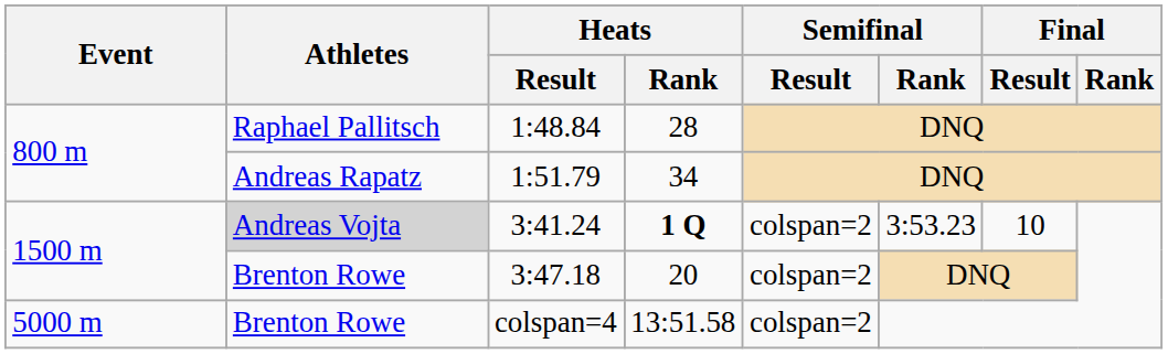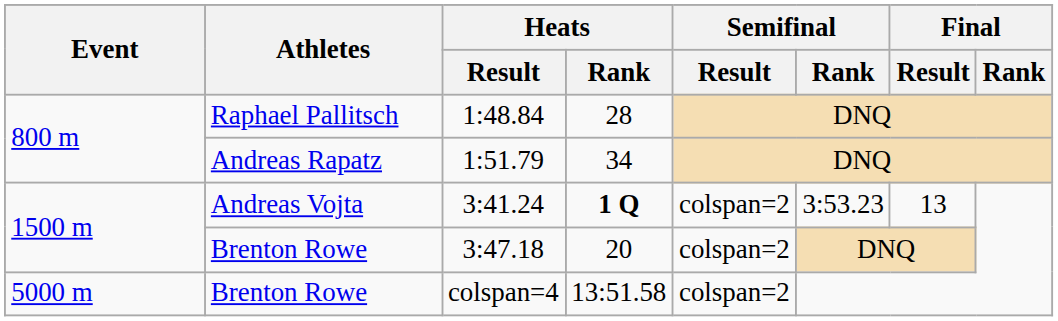 <table class="wikitable" border="1" style="font-size:90%">
 <tr>
 <th rowspan="2" width=100>Event</th>
 <th rowspan="2" width=120>Athletes</th>
 <th colspan="2">Heats</th>
 <th colspan="2">Semifinal</th>
 <th colspan="2">Final</th>
 </tr>
 <tr>
 <th>Result</th>
 <th>Rank</th>
 <th>Result</th>
 <th>Rank</th>
 <th>Result</th>
 <th>Rank</th>
 </tr>
 <tr>
 <td rowspan=2><a href='#'>800 m</a></td>
 <td><a href='#'>Raphael Pallitsch</a></td>
 <td align=center>1:48.84</td>
 <td align=center>28</td>
 <td colspan=4 align=center bgcolor="wheat">DNQ</td>
 </tr>
 <tr>
 <td><a href='#'>Andreas Rapatz</a></td>
 <td align=center>1:51.79</td>
 <td align=center>34</td>
 <td colspan=4 align=center bgcolor="wheat">DNQ</td>
 </tr>
 <tr>
 <td rowspan=2><a href='#'>1500 m</a></td>
-<td style="background: lightgrey;"><a href='#'>Andreas Vojta</a></td>
+<td><a href='#'>Andreas Vojta</a></td>
 <td align=center>3:41.24</td>
 <td align=center><strong>1 Q</strong></td>
 <td>colspan=2 </td>
 <td align=center>3:53.23</td>
-<td align=center>10</td>
+<td align=center>13</td>
 </tr>
 <tr>
 <td><a href='#'>Brenton Rowe</a></td>
 <td align=center>3:47.18</td>
 <td align=center>20</td>
 <td>colspan=2 </td>
 <td colspan=2 align=center bgcolor="wheat">DNQ</td>
 </tr>
 <tr>
 <td><a href='#'>5000 m</a></td>
 <td><a href='#'>Brenton Rowe</a></td>
 <td>colspan=4 </td>
 <td align=center>13:51.58</td>
 <td>colspan=2 </td>
 </tr>
 </table>
